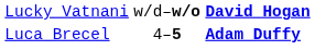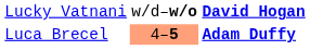 <table>
 <tr>
 <td> <a href='#'>Lucky Vatnani</a></td>
 <td align="center">w/d–<strong>w/o</strong></td>
 <td> <strong><a href='#'>David Hogan</a></strong></td>
 </tr>
 <tr>
 <td> <a href='#'>Luca Brecel</a></td>
-<td align="center">4–<strong>5</strong></td>
+<td align="center" style="background: lightsalmon;">4–<strong>5</strong></td>
 <td> <strong><a href='#'>Adam Duffy</a></strong></td>
 </tr>
 </table>
